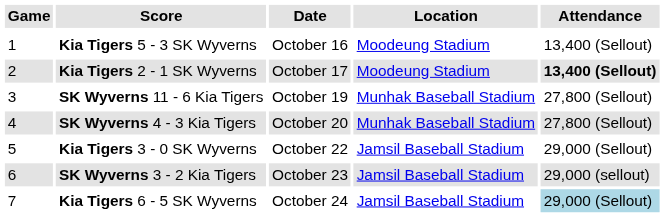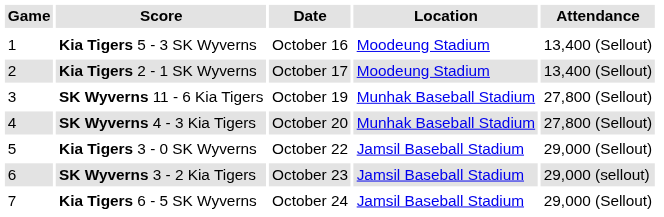 <table border="0" cellspacing="3" cellpadding="3">
 <tr style="background: #e3e3e3;">
 <th>Game</th>
 <th>Score</th>
 <th>Date</th>
 <th>Location</th>
 <th>Attendance</th>
 </tr>
 <tr style="background: #e3e3e3;">
 </tr>
 <tr>
 <td>1</td>
 <td><strong>Kia Tigers</strong> 5 - 3 SK Wyverns</td>
 <td>October 16</td>
 <td><a href='#'>Moodeung Stadium</a></td>
 <td>13,400 (Sellout)</td>
 </tr>
 <tr style="background: #e3e3e3;">
 <td>2</td>
 <td><strong>Kia Tigers</strong> 2 - 1 SK Wyverns</td>
 <td>October 17</td>
 <td><a href='#'>Moodeung Stadium</a></td>
-<td><strong>13,400 (Sellout)</strong></td>
+<td>13,400 (Sellout)</td>
 </tr>
 <tr>
 <td>3</td>
 <td><strong>SK Wyverns</strong> 11 - 6 Kia Tigers</td>
 <td>October 19</td>
 <td><a href='#'>Munhak Baseball Stadium</a></td>
 <td>27,800 (Sellout)</td>
 </tr>
 <tr style="background: #e3e3e3;">
 <td>4</td>
 <td><strong>SK Wyverns</strong> 4 - 3 Kia Tigers</td>
 <td>October 20</td>
 <td><a href='#'>Munhak Baseball Stadium</a></td>
 <td>27,800 (Sellout)</td>
 </tr>
 <tr>
 <td>5</td>
 <td><strong>Kia Tigers</strong> 3 - 0 SK Wyverns</td>
 <td>October 22</td>
 <td><a href='#'>Jamsil Baseball Stadium</a></td>
 <td>29,000 (Sellout)</td>
 </tr>
 <tr style="background: #e3e3e3;">
 <td>6</td>
 <td><strong>SK Wyverns</strong> 3 - 2 Kia Tigers</td>
 <td>October 23</td>
 <td><a href='#'>Jamsil Baseball Stadium</a></td>
 <td>29,000 (sellout)</td>
 </tr>
 <tr>
 <td>7</td>
 <td><strong>Kia Tigers</strong> 6 - 5 SK Wyverns </td>
 <td>October 24</td>
 <td><a href='#'>Jamsil Baseball Stadium</a></td>
-<td style="background: lightblue;">29,000 (Sellout)</td>
+<td>29,000 (Sellout)</td>
 </tr>
 </table>
